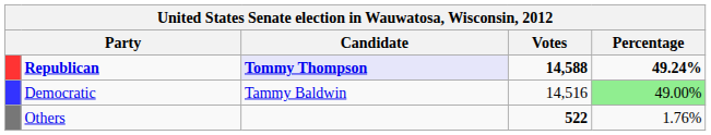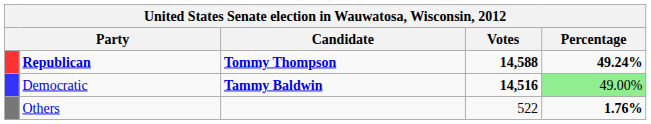 <table class="wikitable" style="font-size:95%;">
 <tr>
 <th colspan="7">United States Senate election in Wauwatosa, Wisconsin, 2012</th>
 </tr>
 <tr>
 <th colspan="2" style="width: 15em">Party</th>
 <th style="width: 17em">Candidate</th>
 <th style="width: 5em">Votes</th>
 <th style="width: 7em">Percentage</th>
 </tr>
 <tr>
 <th style="background:#f33; width:3px;"></th>
 <td style="width: 130px"><strong><a href='#'>Republican</a></strong></td>
-<td style="background: lavender;"><strong><a href='#'>Tommy Thompson</a></strong></td>
+<td><strong><a href='#'>Tommy Thompson</a></strong></td>
 <td style="text-align:right;"><strong>14,588</strong></td>
 <td style="text-align:right;"><strong>49.24%</strong></td>
 </tr>
 <tr>
 <th style="background:#33f; width:3px;"></th>
 <td style="width: 130px"><a href='#'>Democratic</a></td>
-<td><a href='#'>Tammy Baldwin</a></td>
-<td style="text-align:right;">14,516</td>
+<td><strong><a href='#'>Tammy Baldwin</a></strong></td>
+<td style="text-align:right;"><strong>14,516</strong></td>
 <td style="background: lightgreen; text-align:right;">49.00%</td>
 </tr>
 <tr>
 <th style="background:#777; width:3px;"></th>
 <td style="width: 130px"><a href='#'>Others</a></td>
 <td></td>
-<td style="text-align:right;"><strong>522</strong></td>
-<td style="text-align:right;">1.76%</td>
+<td style="text-align:right;">522</td>
+<td style="text-align:right;"><strong>1.76%</strong></td>
 </tr>
 </table>
